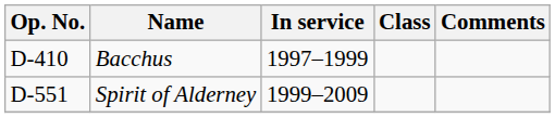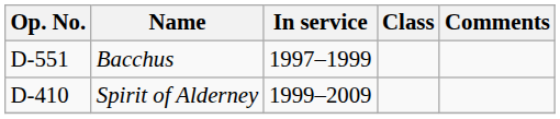 <table class="wikitable">
 <tr>
 <th>Op. No.</th>
 <th>Name</th>
 <th>In service</th>
 <th>Class</th>
 <th>Comments</th>
 </tr>
 <tr>
-<td>D-410</td>
+<td>D-551</td>
 <td><em>Bacchus</em></td>
 <td>1997–1999</td>
 <td></td>
 <td></td>
 </tr>
 <tr>
-<td>D-551</td>
+<td>D-410</td>
 <td><em>Spirit of Alderney</em></td>
 <td>1999–2009</td>
 <td></td>
 <td></td>
 </tr>
 <tr>
 </tr>
 </table>
